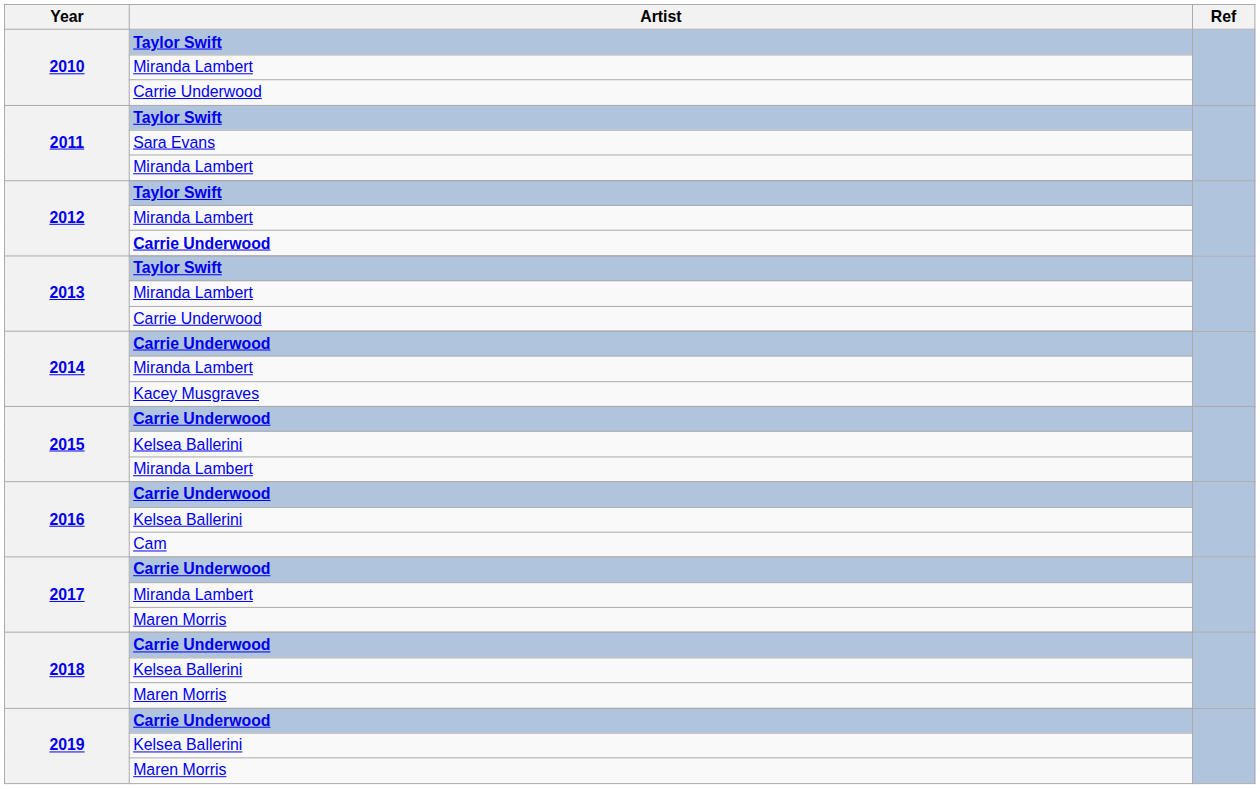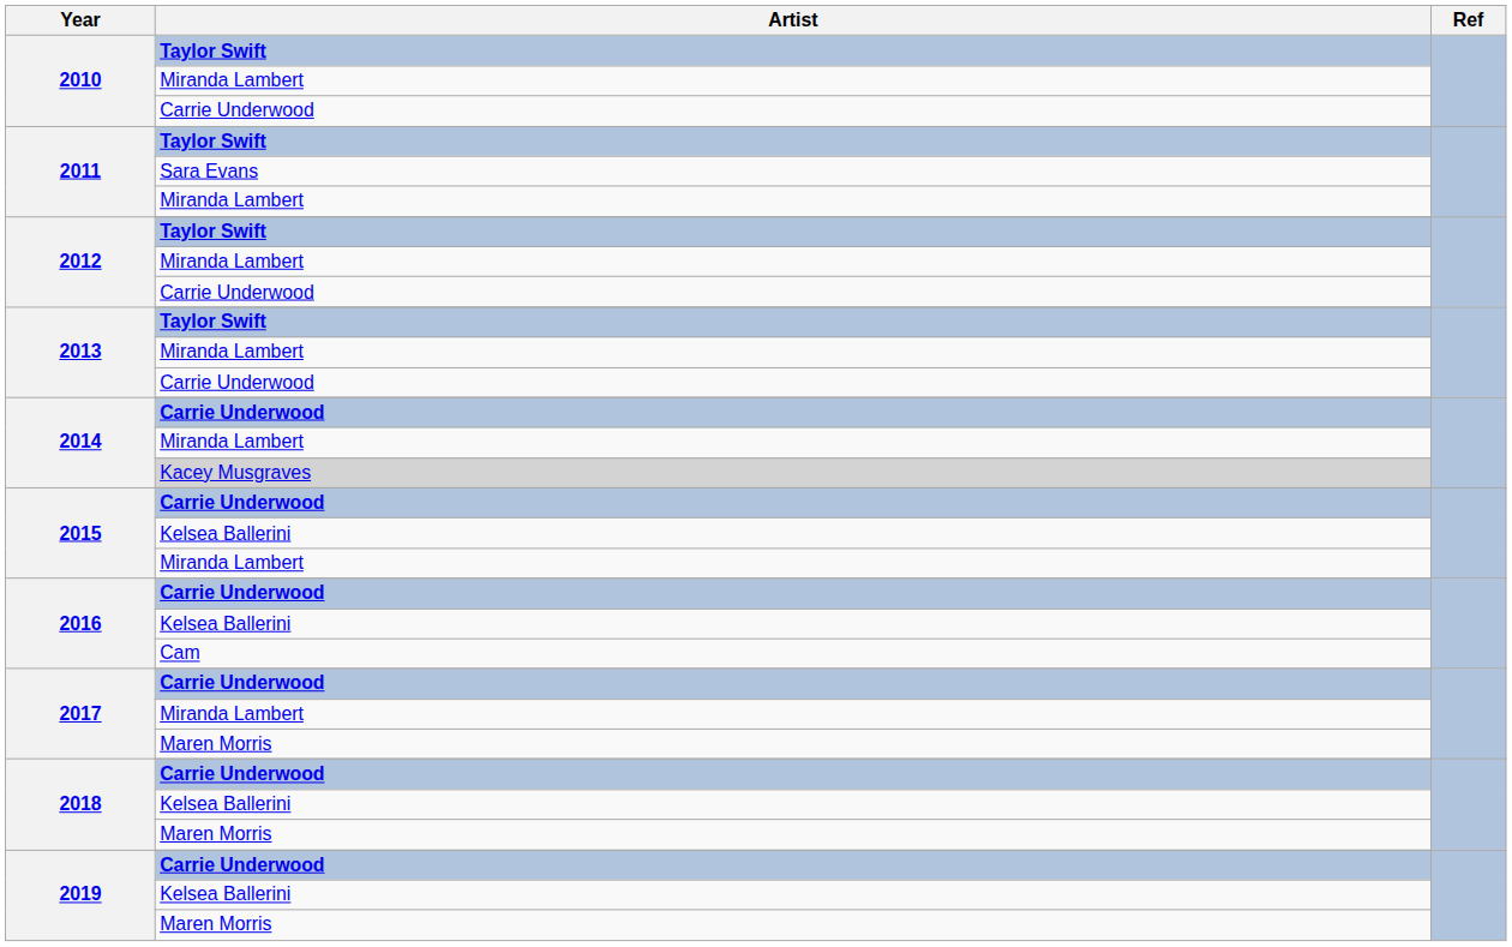 <table class="wikitable" width="100%">
 <tr>
 <th width="10%">Year</th>
 <th width="85%">Artist</th>
 <th width="5%">Ref</th>
 </tr>
 <tr style="background:#B0C4DE">
 <th rowspan="3"><a href='#'>2010<br></a></th>
 <td><strong><a href='#'>Taylor Swift</a></strong></td>
 <td rowspan="4" align="center"></td>
 </tr>
 <tr>
 <td><a href='#'>Miranda Lambert</a></td>
 </tr>
 <tr>
 <td><a href='#'>Carrie Underwood</a></td>
 </tr>
 <tr>
 <th rowspan="4" align="center"><a href='#'>2011<br></a></th>
 </tr>
 <tr style="background:#B0C4DE">
 <td><strong><a href='#'>Taylor Swift</a></strong></td>
 <td rowspan="4" align="center"></td>
 </tr>
 <tr>
 <td><a href='#'>Sara Evans</a></td>
 </tr>
 <tr>
 <td><a href='#'>Miranda Lambert</a></td>
 </tr>
 <tr>
 <th rowspan="4" align="center"><a href='#'>2012<br></a></th>
 </tr>
 <tr style="background:#B0C4DE">
 <td><strong><a href='#'>Taylor Swift</a></strong></td>
 <td rowspan="4" align="center"></td>
 </tr>
 <tr>
 <td><a href='#'>Miranda Lambert</a></td>
 </tr>
 <tr>
-<td><strong><a href='#'>Carrie Underwood</a></strong></td>
+<td><a href='#'>Carrie Underwood</a></td>
 </tr>
 <tr>
 <th rowspan="4" align="center"><a href='#'>2013<br></a></th>
 </tr>
 <tr style="background:#B0C4DE">
 <td><strong><a href='#'>Taylor Swift</a></strong></td>
 <td rowspan="4" align="center"></td>
 </tr>
 <tr>
 <td><a href='#'>Miranda Lambert</a></td>
 </tr>
 <tr>
 <td><a href='#'>Carrie Underwood</a></td>
 </tr>
 <tr>
 <th rowspan="4" align="center"><a href='#'>2014<br></a></th>
 </tr>
 <tr style="background:#B0C4DE">
 <td><strong><a href='#'>Carrie Underwood</a></strong></td>
 <td rowspan="4" align="center"></td>
 </tr>
 <tr>
 <td><a href='#'>Miranda Lambert</a></td>
 </tr>
 <tr>
-<td><a href='#'>Kacey Musgraves</a></td>
+<td style="background: lightgrey;"><a href='#'>Kacey Musgraves</a></td>
 </tr>
 <tr>
 <th rowspan="4" align="center"><a href='#'>2015<br></a></th>
 </tr>
 <tr style="background:#B0C4DE">
 <td><strong><a href='#'>Carrie Underwood</a></strong></td>
 <td rowspan="4" align="center"></td>
 </tr>
 <tr>
 <td><a href='#'>Kelsea Ballerini</a></td>
 </tr>
 <tr>
 <td><a href='#'>Miranda Lambert</a></td>
 </tr>
 <tr>
 <th rowspan="4" align="center"><a href='#'>2016<br></a></th>
 </tr>
 <tr style="background:#B0C4DE">
 <td><strong><a href='#'>Carrie Underwood</a></strong></td>
 <td rowspan="4" align="center"></td>
 </tr>
 <tr>
 <td><a href='#'>Kelsea Ballerini</a></td>
 </tr>
 <tr>
 <td><a href='#'>Cam</a></td>
 </tr>
 <tr>
 <th rowspan="4" align="center"><a href='#'>2017<br></a></th>
 </tr>
 <tr style="background:#B0C4DE">
 <td><strong><a href='#'>Carrie Underwood</a></strong></td>
 <td rowspan="4" align="center"></td>
 </tr>
 <tr>
 <td><a href='#'>Miranda Lambert</a></td>
 </tr>
 <tr>
 <td><a href='#'>Maren Morris</a></td>
 </tr>
 <tr>
 <th rowspan="4" align="center"><a href='#'>2018<br></a></th>
 </tr>
 <tr style="background:#B0C4DE">
 <td><strong><a href='#'>Carrie Underwood</a></strong></td>
 <td rowspan="4" align="center"></td>
 </tr>
 <tr>
 <td><a href='#'>Kelsea Ballerini</a></td>
 </tr>
 <tr>
 <td><a href='#'>Maren Morris</a></td>
 </tr>
 <tr>
 <th rowspan="4" align="center"><a href='#'>2019<br></a></th>
 </tr>
 <tr style="background:#B0C4DE">
 <td><strong><a href='#'>Carrie Underwood</a></strong></td>
 <td rowspan="4" align="center"></td>
 </tr>
 <tr>
 <td><a href='#'>Kelsea Ballerini</a></td>
 </tr>
 <tr>
 <td><a href='#'>Maren Morris</a></td>
 </tr>
 </table>
